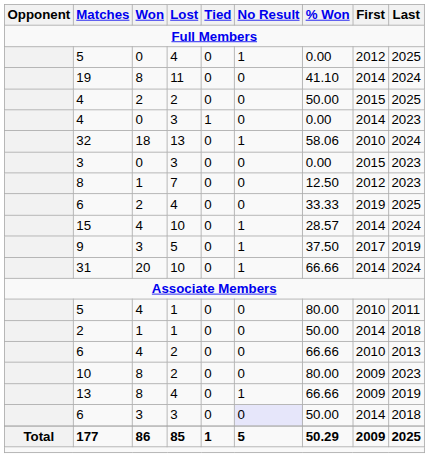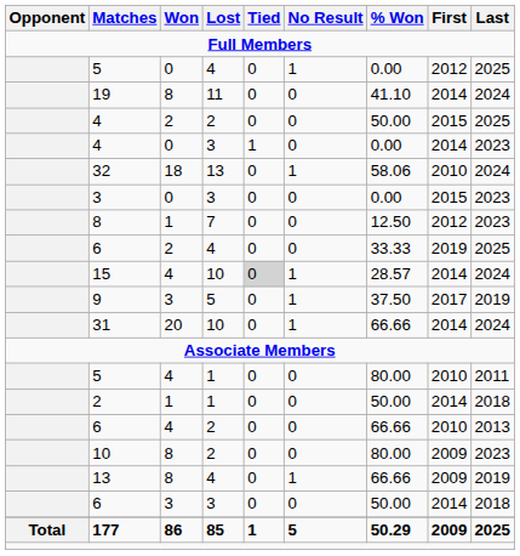 <table class="wikitable plainrowheaders sortable">
 <tr>
 <th scope="col">Opponent</th>
 <th scope="col"><a href='#'>Matches</a></th>
 <th scope="col"><a href='#'>Won</a></th>
 <th scope="col"><a href='#'>Lost</a></th>
 <th scope="col"><a href='#'>Tied</a></th>
 <th scope="col"><a href='#'>No Result</a></th>
 <th scope="col"><a href='#'>% Won</a></th>
 <th scope="col">First</th>
 <th scope="col">Last</th>
 </tr>
 <tr>
 <td style="text-align: center;" colspan="9"><strong><a href='#'>Full Members</a></strong></td>
 </tr>
 <tr>
 <th scope=row></th>
 <td>5</td>
 <td>0</td>
 <td>4</td>
 <td>0</td>
 <td>1</td>
 <td>0.00</td>
 <td>2012</td>
 <td>2025</td>
 </tr>
 <tr>
 <th scope=row></th>
 <td>19</td>
 <td>8</td>
 <td>11</td>
 <td>0</td>
 <td>0</td>
 <td>41.10</td>
 <td>2014</td>
 <td>2024</td>
 </tr>
 <tr>
 <th scope=row></th>
 <td>4</td>
 <td>2</td>
 <td>2</td>
 <td>0</td>
 <td>0</td>
 <td>50.00</td>
 <td>2015</td>
 <td>2025</td>
 </tr>
 <tr>
 <th scope=row></th>
 <td>4</td>
 <td>0</td>
 <td>3</td>
 <td>1</td>
 <td>0</td>
 <td>0.00</td>
 <td>2014</td>
 <td>2023</td>
 </tr>
 <tr>
 <th scope=row></th>
 <td>32</td>
 <td>18</td>
 <td>13</td>
 <td>0</td>
 <td>1</td>
 <td>58.06</td>
 <td>2010</td>
 <td>2024</td>
 </tr>
 <tr>
 <th scope=row></th>
 <td>3</td>
 <td>0</td>
 <td>3</td>
 <td>0</td>
 <td>0</td>
 <td>0.00</td>
 <td>2015</td>
 <td>2023</td>
 </tr>
 <tr>
 <th scope=row></th>
 <td>8</td>
 <td>1</td>
 <td>7</td>
 <td>0</td>
 <td>0</td>
 <td>12.50</td>
 <td>2012</td>
 <td>2023</td>
 </tr>
 <tr>
 <th scope=row></th>
 <td>6</td>
 <td>2</td>
 <td>4</td>
 <td>0</td>
 <td>0</td>
 <td>33.33</td>
 <td>2019</td>
 <td>2025</td>
 </tr>
 <tr>
 <th scope=row></th>
 <td>15</td>
 <td>4</td>
 <td>10</td>
-<td>0</td>
+<td style="background: lightgrey;">0</td>
 <td>1</td>
 <td>28.57</td>
 <td>2014</td>
 <td>2024</td>
 </tr>
 <tr>
 <th scope=row></th>
 <td>9</td>
 <td>3</td>
 <td>5</td>
 <td>0</td>
 <td>1</td>
 <td>37.50</td>
 <td>2017</td>
 <td>2019</td>
 </tr>
 <tr>
 <th scope=row></th>
 <td>31</td>
 <td>20</td>
 <td>10</td>
 <td>0</td>
 <td>1</td>
 <td>66.66</td>
 <td>2014</td>
 <td>2024</td>
 </tr>
 <tr>
 <td colspan="10" style="text-align: center;"><strong><a href='#'>Associate Members</a></strong></td>
 </tr>
 <tr>
 <th scope=row></th>
 <td>5</td>
 <td>4</td>
 <td>1</td>
 <td>0</td>
 <td>0</td>
 <td>80.00</td>
 <td>2010</td>
 <td>2011</td>
 </tr>
 <tr>
 <th scope=row></th>
 <td>2</td>
 <td>1</td>
 <td>1</td>
 <td>0</td>
 <td>0</td>
 <td>50.00</td>
 <td>2014</td>
 <td>2018</td>
 </tr>
 <tr>
 <th scope=row></th>
 <td>6</td>
 <td>4</td>
 <td>2</td>
 <td>0</td>
 <td>0</td>
 <td>66.66</td>
 <td>2010</td>
 <td>2013</td>
 </tr>
 <tr>
 <th scope=row></th>
 <td>10</td>
 <td>8</td>
 <td>2</td>
 <td>0</td>
 <td>0</td>
 <td>80.00</td>
 <td>2009</td>
 <td>2023</td>
 </tr>
 <tr>
 <th scope=row></th>
 <td>13</td>
 <td>8</td>
 <td>4</td>
 <td>0</td>
 <td>1</td>
 <td>66.66</td>
 <td>2009</td>
 <td>2019</td>
 </tr>
 <tr>
 <th scope=row></th>
 <td>6</td>
 <td>3</td>
 <td>3</td>
 <td>0</td>
-<td style="background: lavender;">0</td>
+<td>0</td>
 <td>50.00</td>
 <td>2014</td>
 <td>2018</td>
 </tr>
 <tr>
 </tr>
 <tr class="sortbottom">
 <th scope="row" style="text-align:center"><strong>Total</strong></th>
 <td><strong>177</strong></td>
 <td><strong>86</strong></td>
 <td><strong>85</strong></td>
 <td><strong>1</strong></td>
 <td><strong>5</strong></td>
 <td><strong>50.29</strong></td>
 <td><strong>2009</strong></td>
 <td><strong>2025</strong></td>
 </tr>
 <tr>
 <td colspan=10></td>
 </tr>
 </table>
